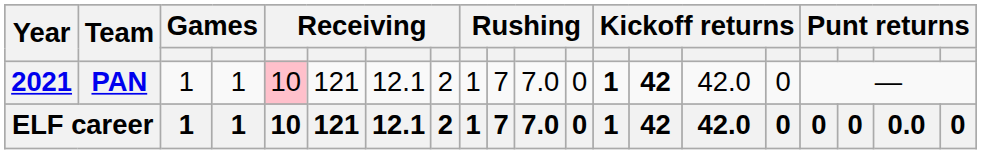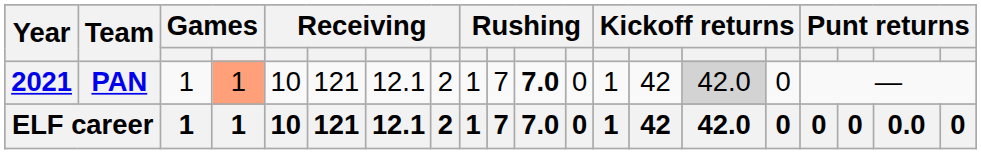 <table class="wikitable" style="text-align: center;">
 <tr>
 <th rowspan="2">Year</th>
 <th rowspan="2">Team</th>
 <th colspan="2">Games</th>
 <th colspan="4">Receiving</th>
 <th colspan="4">Rushing</th>
 <th colspan="4">Kickoff returns</th>
 <th colspan="4">Punt returns</th>
 </tr>
 <tr>
 <th></th>
 <th></th>
 <th></th>
 <th></th>
 <th></th>
 <th></th>
 <th></th>
 <th></th>
 <th></th>
 <th></th>
 <th></th>
 <th></th>
 <th></th>
 <th></th>
 <th></th>
 <th></th>
 <th></th>
 <th></th>
 </tr>
 <tr>
 <th><a href='#'>2021</a></th>
 <th><a href='#'>PAN</a></th>
 <td>1</td>
-<td>1</td>
-<td style="background: pink;">10</td>
+<td style="background: lightsalmon;">1</td>
+<td>10</td>
 <td>121</td>
 <td>12.1</td>
 <td>2</td>
 <td>1</td>
 <td>7</td>
-<td>7.0</td>
+<td><strong>7.0</strong></td>
 <td>0</td>
-<td><strong>1</strong></td>
-<td><strong>42</strong></td>
-<td>42.0</td>
+<td>1</td>
+<td>42</td>
+<td style="background: lightgrey;">42.0</td>
 <td>0</td>
 <td colspan="4">—</td>
 </tr>
 <tr>
 <th colspan="2">ELF career</th>
 <th>1</th>
 <th>1</th>
 <th>10</th>
 <th>121</th>
 <th>12.1</th>
 <th>2</th>
 <th>1</th>
 <th>7</th>
 <th>7.0</th>
 <th>0</th>
 <th>1</th>
 <th>42</th>
 <th>42.0</th>
 <th>0</th>
 <th>0</th>
 <th>0</th>
 <th>0.0</th>
 <th>0</th>
 </tr>
 </table>
